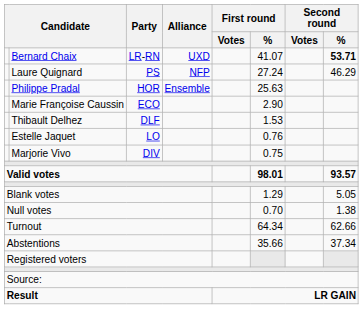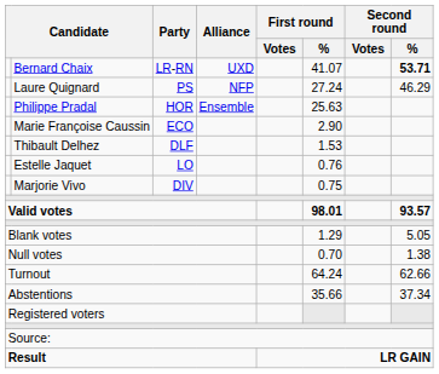 <table class="wikitable" style="text-align:right;font-size:95%;">
 <tr>
 <th colspan="2" rowspan="2">Candidate</th>
 <th colspan="1" rowspan="2">Party</th>
 <th colspan="1" rowspan="2">Alliance</th>
 <th colspan="2">First round</th>
 <th colspan="2">Second round</th>
 </tr>
 <tr>
 <th style="width:50px;">Votes</th>
 <th style="width:45px;">%</th>
 <th style="width:50px;">Votes</th>
 <th style="width:45px;">%</th>
 </tr>
 <tr>
 <td style="color:inherit;background:"></td>
 <td style="text-align:left;"><a href='#'>Bernard Chaix</a></td>
 <td><a href='#'>LR</a>-<a href='#'>RN</a></td>
 <td><a href='#'>UXD</a></td>
 <td></td>
 <td>41.07</td>
 <td><strong></strong></td>
 <td><strong>53.71</strong></td>
 </tr>
 <tr>
 <td style="color:inherit;background:"></td>
 <td style="text-align:left;">Laure Quignard</td>
 <td><a href='#'>PS</a></td>
 <td><a href='#'>NFP</a></td>
 <td></td>
 <td>27.24</td>
 <td></td>
 <td>46.29</td>
 </tr>
 <tr>
 <td style="color:inherit;background:"></td>
 <td style="text-align:left;"><a href='#'>Philippe Pradal</a></td>
 <td><a href='#'>HOR</a></td>
 <td><a href='#'>Ensemble</a></td>
 <td></td>
 <td>25.63</td>
 <td></td>
 <td></td>
 </tr>
 <tr>
 <td style="color:inherit;background:"></td>
 <td style="text-align:left;">Marie Françoise Caussin</td>
 <td><a href='#'>ECO</a></td>
 <td></td>
 <td></td>
 <td>2.90</td>
 <td></td>
 <td></td>
 </tr>
 <tr>
 <td style="color:inherit;background:"></td>
 <td style="text-align:left;">Thibault Delhez</td>
 <td><a href='#'>DLF</a></td>
 <td></td>
 <td></td>
 <td>1.53</td>
 <td></td>
 <td></td>
 </tr>
 <tr>
 <td style="color:inherit;background:"></td>
 <td style="text-align:left;">Estelle Jaquet</td>
 <td><a href='#'>LO</a></td>
 <td></td>
 <td></td>
 <td>0.76</td>
 <td></td>
 <td></td>
 </tr>
 <tr>
 <td style="color:inherit;background:"></td>
 <td style="text-align:left;">Marjorie Vivo</td>
 <td><a href='#'>DIV</a></td>
 <td></td>
 <td></td>
 <td>0.75</td>
 <td></td>
 <td></td>
 </tr>
 <tr>
 <td colspan="8" style="background:#E9E9E9;"></td>
 </tr>
 <tr style="font-weight:bold;">
 <td colspan="4" style="text-align:left;">Valid votes</td>
 <td></td>
 <td>98.01</td>
 <td></td>
 <td>93.57</td>
 </tr>
 <tr>
 <td colspan="8" style="background:#E9E9E9;"></td>
 </tr>
 <tr>
 <td colspan="4" style="text-align:left;">Blank votes</td>
 <td></td>
 <td>1.29</td>
 <td></td>
 <td>5.05</td>
 </tr>
 <tr>
 <td colspan="4" style="text-align:left;">Null votes</td>
 <td></td>
 <td>0.70</td>
 <td></td>
 <td>1.38</td>
 </tr>
 <tr>
 <td colspan="4" style="text-align:left;">Turnout</td>
 <td></td>
-<td>64.34</td>
+<td>64.24</td>
 <td></td>
 <td>62.66</td>
 </tr>
 <tr>
 <td colspan="4" style="text-align:left;">Abstentions</td>
 <td></td>
 <td>35.66</td>
 <td></td>
 <td>37.34</td>
 </tr>
 <tr>
 <td colspan="4" style="text-align:left;">Registered voters</td>
 <td></td>
 <td style="background:#E9E9E9;"></td>
 <td></td>
 <td style="background:#E9E9E9;"></td>
 </tr>
 <tr>
 <td colspan="8" style="background:#E9E9E9;"></td>
 </tr>
 <tr>
 <td colspan="8" style="text-align:left;">Source: </td>
 </tr>
 <tr style="font-weight:bold">
 <td colspan="4" style="text-align:left;">Result</td>
 <td colspan="4" style="background-color:">LR GAIN</td>
 </tr>
 </table>
